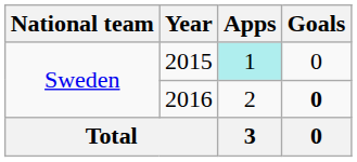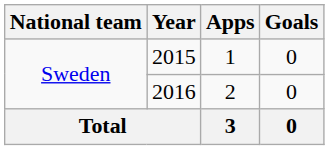 <table class="wikitable" style="text-align:center">
 <tr>
 <th>National team</th>
 <th>Year</th>
 <th>Apps</th>
 <th>Goals</th>
 </tr>
 <tr>
 <td rowspan="2"><a href='#'>Sweden</a></td>
 <td>2015</td>
-<td style="background: paleturquoise;">1</td>
+<td>1</td>
 <td>0</td>
 </tr>
 <tr>
 <td>2016</td>
 <td>2</td>
-<td><strong>0</strong></td>
+<td>0</td>
 </tr>
 <tr>
 <th colspan="2">Total</th>
 <th>3</th>
 <th>0</th>
 </tr>
 </table>
